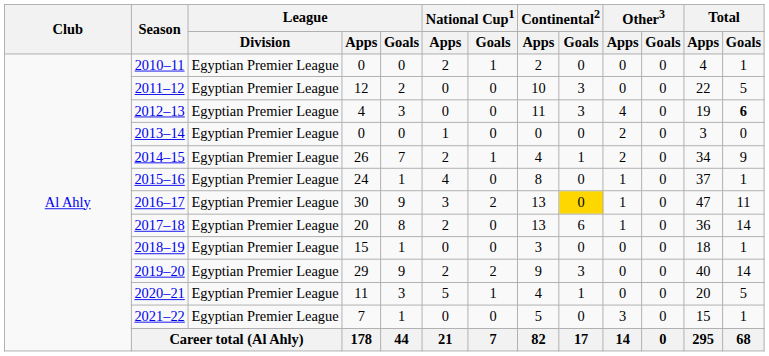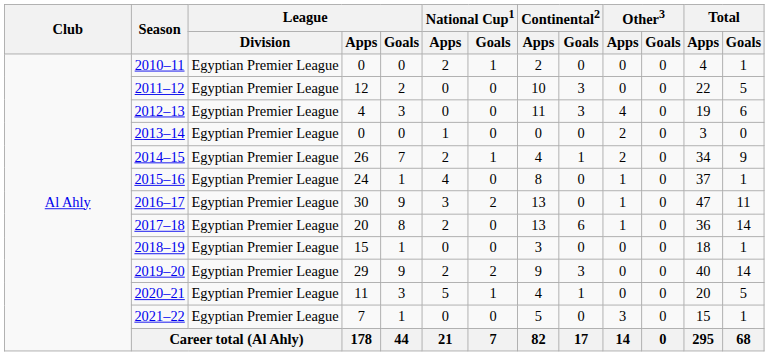 <table class="wikitable" style="text-align:center">
 <tr>
 <th rowspan=2 style="width: 100pt;">Club</th>
 <th rowspan=2>Season</th>
 <th colspan=3 style="width: 150pt;">League</th>
 <th colspan=2>National Cup<sup>1</sup></th>
 <th colspan=2>Continental<sup>2</sup></th>
 <th colspan=2>Other<sup>3</sup></th>
 <th colspan=2>Total</th>
 </tr>
 <tr>
 <th>Division</th>
 <th>Apps</th>
 <th>Goals</th>
 <th>Apps</th>
 <th>Goals</th>
 <th>Apps</th>
 <th>Goals</th>
 <th>Apps</th>
 <th>Goals</th>
 <th>Apps</th>
 <th>Goals</th>
 </tr>
 <tr>
 <td rowspan=25><a href='#'>Al Ahly</a></td>
 <td><a href='#'>2010–11</a></td>
 <td>Egyptian Premier League</td>
 <td>0</td>
 <td>0</td>
 <td>2</td>
 <td>1</td>
 <td>2</td>
 <td>0</td>
 <td>0</td>
 <td>0</td>
 <td>4</td>
 <td>1</td>
 </tr>
 <tr>
 <td><a href='#'>2011–12</a></td>
 <td>Egyptian Premier League</td>
 <td>12</td>
 <td>2</td>
 <td>0</td>
 <td>0</td>
 <td>10</td>
 <td>3</td>
 <td>0</td>
 <td>0</td>
 <td>22</td>
 <td>5</td>
 </tr>
 <tr>
 <td><a href='#'>2012–13</a></td>
 <td>Egyptian Premier League</td>
 <td>4</td>
 <td>3</td>
 <td>0</td>
 <td>0</td>
 <td>11</td>
 <td>3</td>
 <td>4</td>
 <td>0</td>
 <td>19</td>
-<td><strong>6</strong></td>
+<td>6</td>
 </tr>
 <tr>
 <td><a href='#'>2013–14</a></td>
 <td>Egyptian Premier League</td>
 <td>0</td>
 <td>0</td>
 <td>1</td>
 <td>0</td>
 <td>0</td>
 <td>0</td>
 <td>2</td>
 <td>0</td>
 <td>3</td>
 <td>0</td>
 </tr>
 <tr>
 <td><a href='#'>2014–15</a></td>
 <td>Egyptian Premier League</td>
 <td>26</td>
 <td>7</td>
 <td>2</td>
 <td>1</td>
 <td>4</td>
 <td>1</td>
 <td>2</td>
 <td>0</td>
 <td>34</td>
 <td>9</td>
 </tr>
 <tr>
 <td><a href='#'>2015–16</a></td>
 <td>Egyptian Premier League</td>
 <td>24</td>
 <td>1</td>
 <td>4</td>
 <td>0</td>
 <td>8</td>
 <td>0</td>
 <td>1</td>
 <td>0</td>
 <td>37</td>
 <td>1</td>
 </tr>
 <tr>
 <td><a href='#'>2016–17</a></td>
 <td>Egyptian Premier League</td>
 <td>30</td>
 <td>9</td>
 <td>3</td>
 <td>2</td>
 <td>13</td>
-<td style="background: gold;">0</td>
+<td>0</td>
 <td>1</td>
 <td>0</td>
 <td>47</td>
 <td>11</td>
 </tr>
 <tr>
 <td><a href='#'>2017–18</a></td>
 <td>Egyptian Premier League</td>
 <td>20</td>
 <td>8</td>
 <td>2</td>
 <td>0</td>
 <td>13</td>
 <td>6</td>
 <td>1</td>
 <td>0</td>
 <td>36</td>
 <td>14</td>
 </tr>
 <tr>
 <td><a href='#'>2018–19</a></td>
 <td>Egyptian Premier League</td>
 <td>15</td>
 <td>1</td>
 <td>0</td>
 <td>0</td>
 <td>3</td>
 <td>0</td>
 <td>0</td>
 <td>0</td>
 <td>18</td>
 <td>1</td>
 </tr>
 <tr>
 <td><a href='#'>2019–20</a></td>
 <td>Egyptian Premier League</td>
 <td>29</td>
 <td>9</td>
 <td>2</td>
 <td>2</td>
 <td>9</td>
 <td>3</td>
 <td>0</td>
 <td>0</td>
 <td>40</td>
 <td>14</td>
 </tr>
 <tr>
 <td><a href='#'>2020–21</a></td>
 <td>Egyptian Premier League</td>
 <td>11</td>
 <td>3</td>
 <td>5</td>
 <td>1</td>
 <td>4</td>
 <td>1</td>
 <td>0</td>
 <td>0</td>
 <td>20</td>
 <td>5</td>
 </tr>
 <tr>
 <td><a href='#'>2021–22</a></td>
 <td>Egyptian Premier League</td>
 <td>7</td>
 <td>1</td>
 <td>0</td>
 <td>0</td>
 <td>5</td>
 <td>0</td>
 <td>3</td>
 <td>0</td>
 <td>15</td>
 <td>1</td>
 </tr>
 <tr>
 <th colspan=2>Career total (Al Ahly)</th>
 <th>178</th>
 <th>44</th>
 <th>21</th>
 <th>7</th>
 <th>82</th>
 <th>17</th>
 <th>14</th>
 <th>0</th>
 <th>295</th>
 <th>68</th>
 </tr>
 </table>
